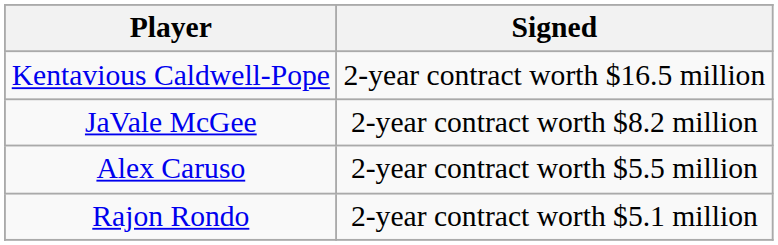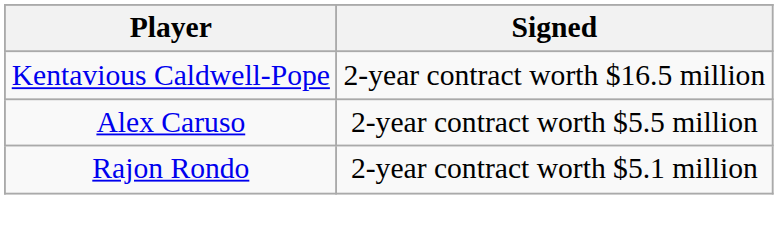 <table class="wikitable sortable sortable">
 <tr>
 <th>Player</th>
 <th>Signed</th>
 </tr>
 <tr style="text-align: center">
 <td><a href='#'>Kentavious Caldwell-Pope</a></td>
 <td>2-year contract worth $16.5 million</td>
 </tr>
 <tr style="text-align: center">
-<td><a href='#'>JaVale McGee</a></td>
-<td>2-year contract worth $8.2 million</td>
-</tr>
-<tr style="text-align: center">
 <td><a href='#'>Alex Caruso</a></td>
 <td>2-year contract worth $5.5 million</td>
 </tr>
 <tr style="text-align: center">
 <td><a href='#'>Rajon Rondo</a></td>
 <td>2-year contract worth $5.1 million</td>
 </tr>
 </table>
